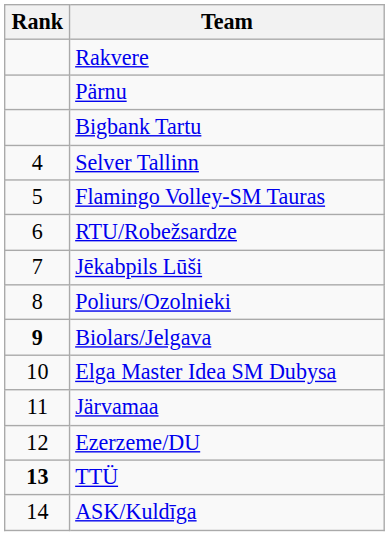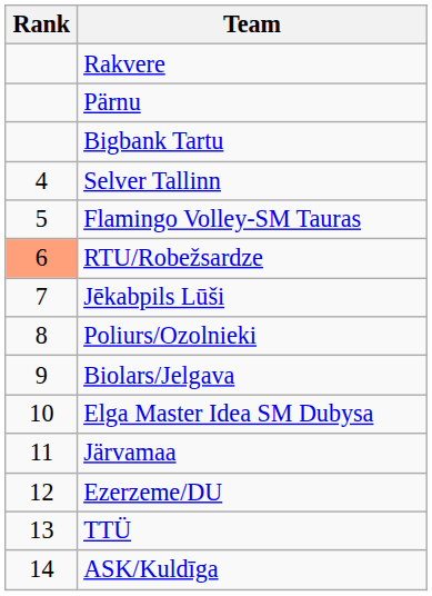 <table class=wikitable style="text-align:center">
 <tr>
 <th width=40>Rank</th>
 <th width=220>Team</th>
 </tr>
 <tr>
 <td></td>
 <td align=left> <a href='#'>Rakvere</a></td>
 </tr>
 <tr>
 <td></td>
 <td align=left> <a href='#'>Pärnu</a></td>
 </tr>
 <tr>
 <td></td>
 <td align=left> <a href='#'>Bigbank Tartu</a></td>
 </tr>
 <tr>
 <td>4</td>
 <td align=left> <a href='#'>Selver Tallinn</a></td>
 </tr>
 <tr>
 <td>5</td>
 <td align=left> <a href='#'>Flamingo Volley-SM Tauras</a></td>
 </tr>
 <tr>
-<td>6</td>
+<td style="background: lightsalmon;">6</td>
 <td align=left> <a href='#'>RTU/Robežsardze</a></td>
 </tr>
 <tr>
 <td>7</td>
 <td align=left> <a href='#'>Jēkabpils Lūši</a></td>
 </tr>
 <tr>
 <td>8</td>
 <td align=left> <a href='#'>Poliurs/Ozolnieki</a></td>
 </tr>
 <tr>
-<td><strong>9</strong></td>
+<td>9</td>
 <td align=left> <a href='#'>Biolars/Jelgava</a></td>
 </tr>
 <tr>
 <td>10</td>
 <td align=left> <a href='#'>Elga Master Idea SM Dubysa</a></td>
 </tr>
 <tr>
 <td>11</td>
 <td align=left> <a href='#'>Järvamaa</a></td>
 </tr>
 <tr>
 <td>12</td>
 <td align=left> <a href='#'>Ezerzeme/DU</a></td>
 </tr>
 <tr>
-<td><strong>13</strong></td>
+<td>13</td>
 <td align=left> <a href='#'>TTÜ</a></td>
 </tr>
 <tr>
 <td>14</td>
 <td align=left> <a href='#'>ASK/Kuldīga</a></td>
 </tr>
 </table>
